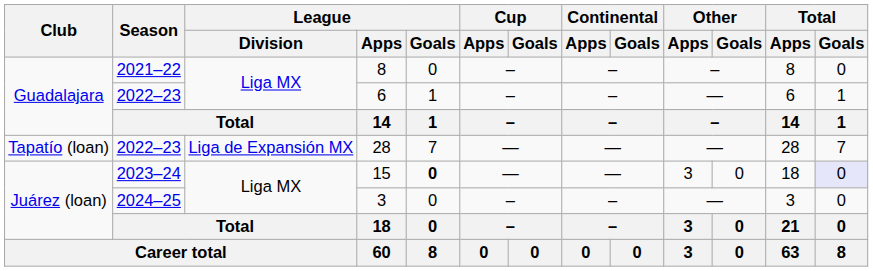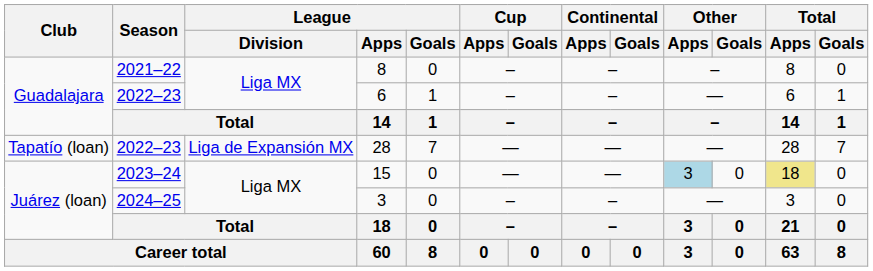 <table class="wikitable" style="text-align: center">
 <tr>
 <th rowspan="2">Club</th>
 <th rowspan="2">Season</th>
 <th colspan="3">League</th>
 <th colspan="2">Cup</th>
 <th colspan="2">Continental</th>
 <th colspan="2">Other</th>
 <th colspan="2">Total</th>
 </tr>
 <tr>
 <th>Division</th>
 <th>Apps</th>
 <th>Goals</th>
 <th>Apps</th>
 <th>Goals</th>
 <th>Apps</th>
 <th>Goals</th>
 <th>Apps</th>
 <th>Goals</th>
 <th>Apps</th>
 <th>Goals</th>
 </tr>
 <tr>
 <td rowspan="3"><a href='#'>Guadalajara</a></td>
 <td><a href='#'>2021–22</a></td>
 <td rowspan="2"><a href='#'>Liga MX</a></td>
 <td>8</td>
 <td>0</td>
 <td colspan="2">–</td>
 <td colspan="2">–</td>
 <td colspan="2">–</td>
 <td>8</td>
 <td>0</td>
 </tr>
 <tr>
 <td><a href='#'>2022–23</a></td>
 <td>6</td>
 <td>1</td>
 <td colspan="2">–</td>
 <td colspan="2">–</td>
 <td colspan="2">—</td>
 <td>6</td>
 <td>1</td>
 </tr>
 <tr>
 <th colspan="2">Total</th>
 <th>14</th>
 <th>1</th>
 <th colspan="2">–</th>
 <th colspan="2">–</th>
 <th colspan="2">–</th>
 <th>14</th>
 <th>1</th>
 </tr>
 <tr>
 <td><a href='#'>Tapatío</a> (loan)</td>
 <td><a href='#'>2022–23</a></td>
 <td><a href='#'>Liga de Expansión MX</a></td>
 <td>28</td>
 <td>7</td>
 <td colspan=2>—</td>
 <td colspan=2>—</td>
 <td colspan=2>—</td>
 <td>28</td>
 <td>7</td>
 </tr>
 <tr>
 <td rowspan="3"><a href='#'>Juárez</a> (loan)</td>
 <td><a href='#'>2023–24</a></td>
 <td rowspan="2">Liga MX</td>
 <td>15</td>
-<td><strong>0</strong></td>
+<td>0</td>
 <td colspan=2>—</td>
 <td colspan=2>—</td>
-<td>3</td>
+<td style="background: lightblue;">3</td>
 <td>0</td>
-<td>18</td>
-<td style="background: lavender;">0</td>
+<td style="background: khaki;">18</td>
+<td>0</td>
 </tr>
 <tr>
 <td><a href='#'>2024–25</a></td>
 <td>3</td>
 <td>0</td>
 <td colspan="2">–</td>
 <td colspan="2">–</td>
 <td colspan="2">—</td>
 <td>3</td>
 <td>0</td>
 </tr>
 <tr>
 <th colspan="2">Total</th>
 <th>18</th>
 <th>0</th>
 <th colspan="2">–</th>
 <th colspan="2">–</th>
 <th>3</th>
 <th>0</th>
 <th>21</th>
 <th>0</th>
 </tr>
 <tr>
 <th colspan="3">Career total</th>
 <th>60</th>
 <th>8</th>
 <th>0</th>
 <th>0</th>
 <th>0</th>
 <th>0</th>
 <th>3</th>
 <th>0</th>
 <th>63</th>
 <th>8</th>
 </tr>
 </table>
